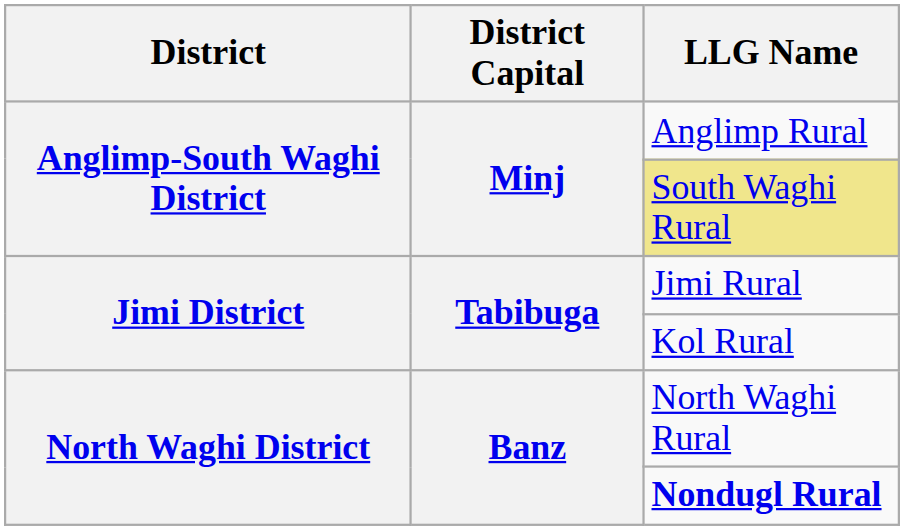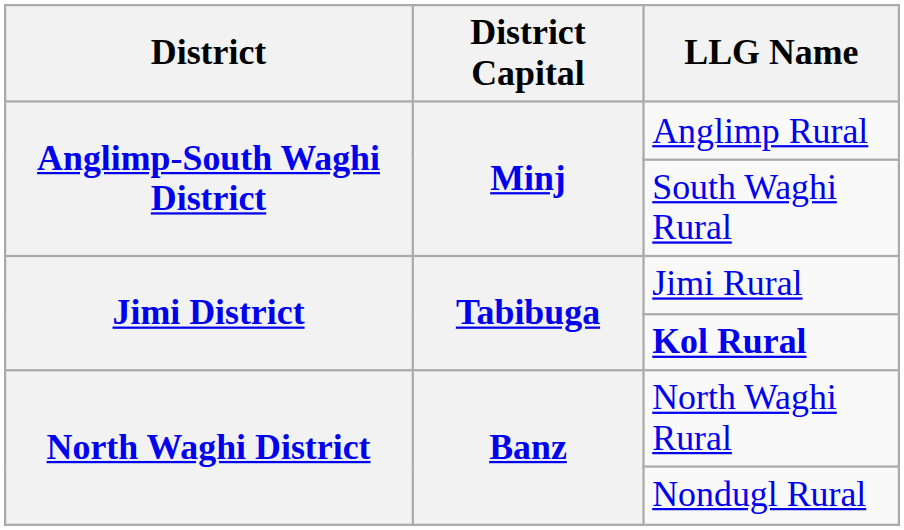 <table class="wikitable" style="text-align: left;" width="400">
 <tr>
 <th>District</th>
 <th>District Capital</th>
 <th>LLG Name</th>
 </tr>
 <tr>
 <th rowspan="2"><a href='#'>Anglimp-South Waghi District</a></th>
 <th rowspan="2"><a href='#'>Minj</a></th>
 <td><a href='#'>Anglimp Rural</a></td>
 </tr>
 <tr>
-<td style="background: khaki;"><a href='#'>South Waghi Rural</a></td>
+<td><a href='#'>South Waghi Rural</a></td>
 </tr>
 <tr>
 <th rowspan="2"><a href='#'>Jimi District</a></th>
 <th rowspan="2"><a href='#'>Tabibuga</a></th>
 <td><a href='#'>Jimi Rural</a></td>
 </tr>
 <tr>
-<td><a href='#'>Kol Rural</a></td>
+<td><strong><a href='#'>Kol Rural</a></strong></td>
 </tr>
 <tr>
 <th rowspan="2"><a href='#'>North Waghi District</a></th>
 <th rowspan="2"><a href='#'>Banz</a></th>
 <td><a href='#'>North Waghi Rural</a></td>
 </tr>
 <tr>
-<td><strong><a href='#'>Nondugl Rural</a></strong></td>
+<td><a href='#'>Nondugl Rural</a></td>
 </tr>
 </table>
